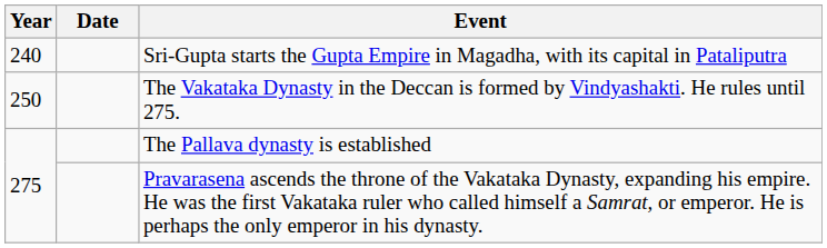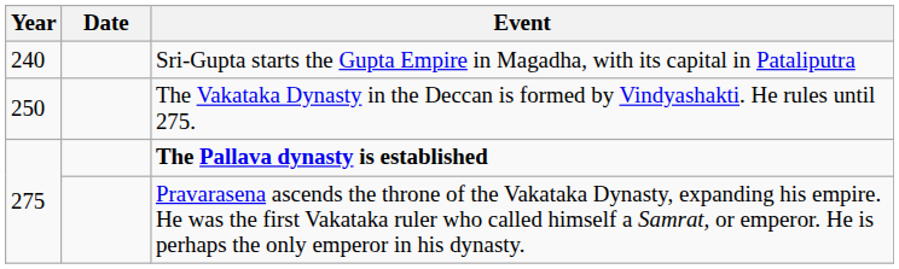 <table class="wikitable" style="width:100%">
 <tr>
 <th style="width:6%">Year</th>
 <th style="width:10%">Date</th>
 <th>Event</th>
 </tr>
 <tr>
 <td>240</td>
 <td></td>
 <td>Sri-Gupta starts the <a href='#'>Gupta Empire</a> in Magadha, with its capital in <a href='#'>Pataliputra</a></td>
 </tr>
 <tr>
 <td>250</td>
 <td></td>
 <td>The <a href='#'>Vakataka Dynasty</a> in the Deccan is formed by <a href='#'>Vindyashakti</a>. He rules until 275.</td>
 </tr>
 <tr>
 <td rowspan="2">275</td>
 <td></td>
-<td>The <a href='#'>Pallava dynasty</a> is established</td>
+<td><strong>The <a href='#'>Pallava dynasty</a> is established</strong></td>
 </tr>
 <tr>
 <td></td>
 <td><a href='#'>Pravarasena</a> ascends the throne of the Vakataka Dynasty, expanding his empire. He was the first Vakataka ruler who called himself a <em>Samrat,</em> or emperor. He is perhaps the only emperor in his dynasty.</td>
 </tr>
 </table>
